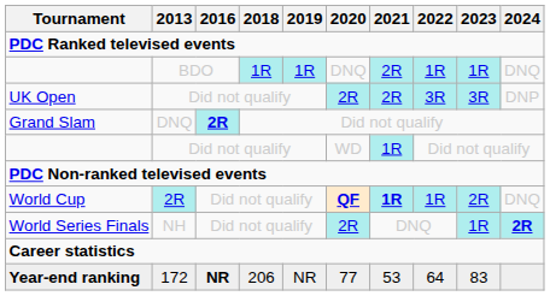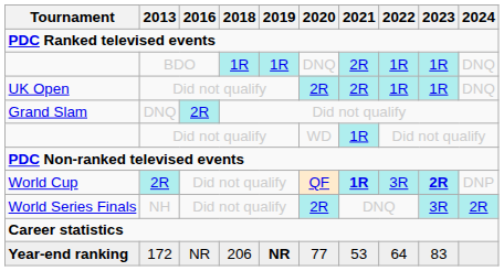 <table class=wikitable style=text-align:center;font-size:88%>
 <tr>
 <th>Tournament</th>
 <th>2013</th>
 <th>2016</th>
 <th>2018</th>
 <th>2019</th>
 <th>2020</th>
 <th>2021</th>
 <th>2022</th>
 <th>2023</th>
 <th>2024</th>
 </tr>
 <tr>
 <td colspan="30" align="left"><strong><a href='#'>PDC</a> Ranked televised events</strong></td>
 </tr>
 <tr>
 <td align=left></td>
 <td colspan="2" style="text-align:center; color:#ccc;">BDO</td>
 <td style="text-align:center; background:#afeeee;"><a href='#'>1R</a></td>
 <td style="text-align:center; background:#afeeee;"><a href='#'>1R</a></td>
 <td style="text-align:center; color:#ccc;">DNQ</td>
 <td style="text-align:center; background:#afeeee;"><a href='#'>2R</a></td>
 <td style="text-align:center; background:#afeeee;"><a href='#'>1R</a></td>
 <td style="text-align:center; background:#afeeee;"><a href='#'>1R</a></td>
 <td style="text-align:center; color:#ccc;">DNQ</td>
 </tr>
 <tr>
 <td align=left><a href='#'>UK Open</a></td>
 <td colspan="4" style="text-align:center; color:#ccc;">Did not qualify</td>
 <td style="text-align:center; background:#afeeee;"><a href='#'>2R</a></td>
 <td style="text-align:center; background:#afeeee;"><a href='#'>2R</a></td>
-<td style="text-align:center; background:#afeeee;"><a href='#'>3R</a></td>
-<td style="text-align:center; background:#afeeee;"><a href='#'>3R</a></td>
-<td style="text-align:center; color:#ccc;">DNP</td>
+<td style="text-align:center; background:#afeeee;"><a href='#'>1R</a></td>
+<td style="text-align:center; background:#afeeee;"><a href='#'>1R</a></td>
+<td style="text-align:center; color:#ccc;">DNQ</td>
 </tr>
 <tr>
 <td align=left><a href='#'>Grand Slam</a></td>
 <td style="text-align:center; color:#ccc;">DNQ</td>
-<td style="text-align:center; background:#afeeee;"><strong><a href='#'>2R</a></strong></td>
+<td style="text-align:center; background:#afeeee;"><a href='#'>2R</a></td>
 <td colspan="7" style="text-align:center; color:#ccc;">Did not qualify</td>
 </tr>
 <tr>
 <td align=left></td>
 <td colspan="4" style="text-align:center; color:#ccc;">Did not qualify</td>
 <td style="text-align:center; color:#ccc;">WD</td>
 <td style="text-align:center; background:#afeeee;"><a href='#'>1R</a></td>
 <td colspan="3" style="text-align:center; color:#ccc;">Did not qualify</td>
 </tr>
 <tr>
 <td colspan="30" align="left"><strong><a href='#'>PDC</a> Non-ranked televised events</strong></td>
 </tr>
 <tr>
 <td align=left><a href='#'>World Cup</a></td>
 <td style="text-align:center; background:#afeeee;"><a href='#'>2R</a></td>
 <td colspan="3" style="text-align:center; color:#ccc;">Did not qualify</td>
-<td style="text-align:center; background:#ffebcd;"><strong><a href='#'>QF</a></strong></td>
+<td style="text-align:center; background:#ffebcd;"><a href='#'>QF</a></td>
 <td style="text-align:center; background:#afeeee;"><strong><a href='#'>1R</a></strong></td>
-<td style="text-align:center; background:#afeeee;"><a href='#'>1R</a></td>
-<td style="text-align:center; background:#afeeee;"><a href='#'>2R</a></td>
-<td style="text-align:center; color:#ccc;">DNQ</td>
+<td style="text-align:center; background:#afeeee;"><a href='#'>3R</a></td>
+<td style="text-align:center; background:#afeeee;"><strong><a href='#'>2R</a></strong></td>
+<td style="text-align:center; color:#ccc;">DNP</td>
 </tr>
 <tr>
 <td align=left><a href='#'>World Series Finals</a></td>
 <td style="text-align:center; color:#ccc;">NH</td>
 <td colspan="3" style="text-align:center; color:#ccc;">Did not qualify</td>
 <td style="text-align:center; background:#afeeee;"><a href='#'>2R</a></td>
 <td colspan="2" style="text-align:center; color:#ccc;">DNQ</td>
-<td style="text-align:center; background:#afeeee;"><a href='#'>1R</a></td>
-<td style="text-align:center; background:#afeeee;"><strong><a href='#'>2R</a></strong></td>
+<td style="text-align:center; background:#afeeee;"><a href='#'>3R</a></td>
+<td style="text-align:center; background:#afeeee;"><a href='#'>2R</a></td>
 </tr>
 <tr>
 <td colspan="30" align="left"><strong>Career statistics</strong></td>
 </tr>
 <tr bgcolor="efefef">
 <td align="left"><strong>Year-end ranking</strong></td>
 <td style="text-align:center;">172</td>
+<td style="text-align:center;">NR</td>
+<td style="text-align:center;">206</td>
 <td style="text-align:center;"><strong>NR</strong></td>
-<td style="text-align:center;">206</td>
-<td style="text-align:center;">NR</td>
 <td style="text-align:center;">77</td>
 <td style="text-align:center;">53</td>
 <td style="text-align:center;">64</td>
 <td style="text-align:center;">83</td>
 <td style="text-align:center;"></td>
 </tr>
 </table>
